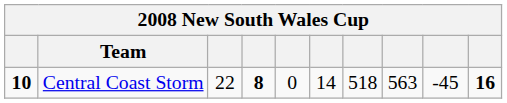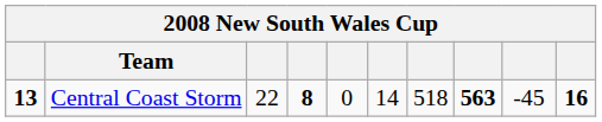 <table class="wikitable" style="text-align:center;">
 <tr>
 <th colspan="11">2008 New South Wales Cup</th>
 </tr>
 <tr>
 <th width="20"></th>
 <th>Team</th>
 <th width="20"></th>
 <th width="20"></th>
 <th width="20"></th>
 <th width="20"></th>
 <th width="25"></th>
 <th width="25"></th>
 <th width="30"></th>
 <th width="20"></th>
 </tr>
 <tr style="background:">
-<td><strong>10</strong></td>
+<td><strong>13</strong></td>
 <td style="text-align:left;"> <a href='#'>Central Coast Storm</a></td>
 <td>22</td>
 <td><strong>8</strong></td>
 <td>0</td>
 <td>14</td>
 <td>518</td>
-<td>563</td>
+<td><strong>563</strong></td>
 <td>-45</td>
 <td><strong>16</strong></td>
 </tr>
 </table>
